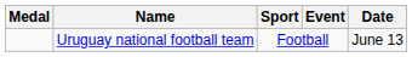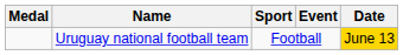 <table class="wikitable" style="font-size:95%">
 <tr>
 <th>Medal</th>
 <th>Name</th>
 <th>Sport</th>
 <th>Event</th>
 <th>Date</th>
 </tr>
 <tr>
 <td></td>
 <td><a href='#'>Uruguay national football team</a><br></td>
 <td colspan=2 align=center><a href='#'>Football</a></td>
-<td>June 13</td>
+<td style="background: gold;">June 13</td>
 </tr>
 </table>
